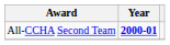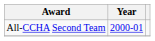 <table class="wikitable">
 <tr>
 <th>Award</th>
 <th>Year</th>
 <th></th>
 </tr>
 <tr>
 <td>All-<a href='#'>CCHA</a> <a href='#'>Second Team</a></td>
-<td><strong><a href='#'>2000-01</a></strong></td>
+<td><a href='#'>2000-01</a></td>
 <td></td>
 </tr>
 <tr>
 </tr>
 </table>
